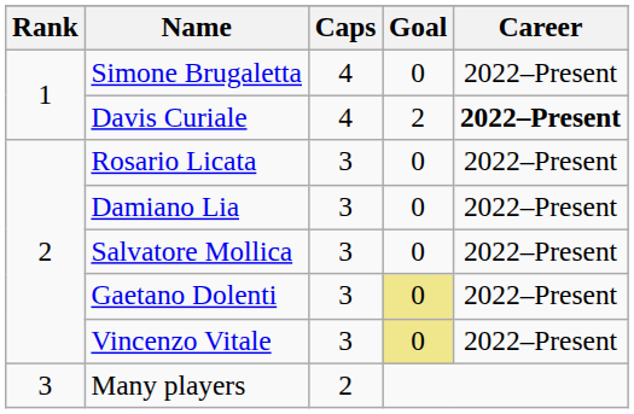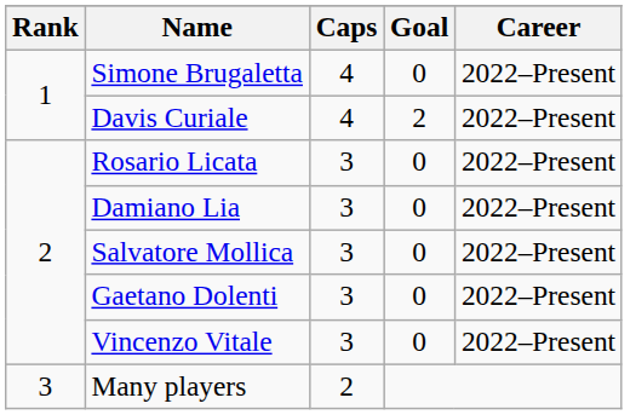 <table class="wikitable sortable" style="text-align:center;">
 <tr>
 </tr>
 <tr>
 <th style= width="30px"><span>Rank</span></th>
 <th style= width="150px"><span>Name</span></th>
 <th style= width="50px"><span>Caps</span></th>
 <th style= width="50px"><span>Goal</span></th>
 <th style= width="100px"><span>Career</span></th>
 </tr>
 <tr>
 <td rowspan=2>1</td>
 <td align=left><a href='#'>Simone Brugaletta</a></td>
 <td>4</td>
 <td>0</td>
 <td>2022–Present</td>
 </tr>
 <tr>
 <td align=left><a href='#'>Davis Curiale</a></td>
 <td>4</td>
 <td>2</td>
-<td><strong>2022–Present</strong></td>
+<td>2022–Present</td>
 </tr>
 <tr>
 <td rowspan=5>2</td>
 <td align=left><a href='#'>Rosario Licata</a></td>
 <td>3</td>
 <td>0</td>
 <td>2022–Present</td>
 </tr>
 <tr>
 <td align=left><a href='#'>Damiano Lia</a></td>
 <td>3</td>
 <td>0</td>
 <td>2022–Present</td>
 </tr>
 <tr>
 <td align=left><a href='#'>Salvatore Mollica</a></td>
 <td>3</td>
 <td>0</td>
 <td>2022–Present</td>
 </tr>
 <tr>
 <td align=left><a href='#'>Gaetano Dolenti</a></td>
 <td>3</td>
-<td style="background: khaki;">0</td>
+<td>0</td>
 <td>2022–Present</td>
 </tr>
 <tr>
 <td align=left><a href='#'>Vincenzo Vitale</a></td>
 <td>3</td>
-<td style="background: khaki;">0</td>
+<td>0</td>
 <td>2022–Present</td>
 </tr>
 <tr>
 <td>3</td>
 <td align=left>Many players</td>
 <td>2</td>
 </tr>
 </table>
